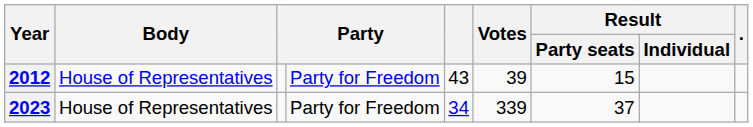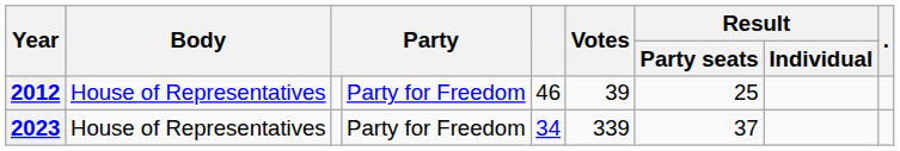 <table class="wikitable plainrowheaders sortable" border=2 cellpadding=4 cellspacing=0 style="border: 1px #aaa solid; font-size: 90%; text-align:center;">
 <tr>
 <th scope="col" rowspan=2>Year</th>
 <th scope="col" rowspan=2>Body</th>
 <th scope="col" colspan=2 rowspan=2>Party</th>
 <th scope="col" rowspan=2></th>
 <th scope="col" rowspan=2>Votes</th>
 <th scope="colgroup" colspan=2>Result</th>
 <th scope="col" rowspan=2 class="unsortable">.</th>
 </tr>
 <tr>
 <th scope="col">Party seats</th>
 <th scope="col">Individual</th>
 </tr>
 <tr>
 <th scope="row"><a href='#'>2012</a></th>
 <td><a href='#'>House of Representatives</a></td>
 <td style="background-color:"></td>
 <td><a href='#'>Party for Freedom</a></td>
-<td style=text-align:right>43</td>
+<td style=text-align:right>46</td>
 <td style=text-align:right>39</td>
-<td style=text-align:right>15</td>
+<td style=text-align:right>25</td>
 <td></td>
 <td></td>
 </tr>
 <tr>
 <th scope="row"><a href='#'>2023</a></th>
 <td>House of Representatives</td>
 <td style="background-color:"></td>
 <td>Party for Freedom</td>
 <td style=text-align:right><a href='#'>34</a></td>
 <td style=text-align:right>339</td>
 <td style=text-align:right>37</td>
 <td></td>
 <td></td>
 </tr>
 </table>
